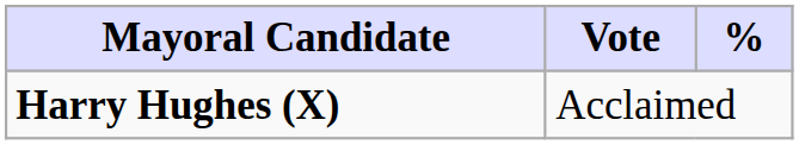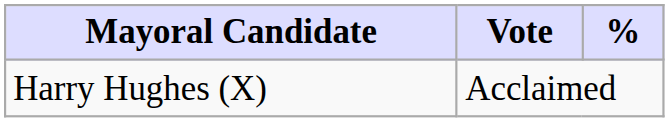 <table class="wikitable">
 <tr>
 <th style="background:#ddf; width:200px;">Mayoral Candidate </th>
 <th style="background:#ddf; width:50px;">Vote</th>
 <th style="background:#ddf; width:30px;">%</th>
 </tr>
 <tr>
-<td><strong>Harry Hughes (X)</strong></td>
+<td>Harry Hughes (X)</td>
 <td colspan="2">Acclaimed</td>
 </tr>
 </table>
